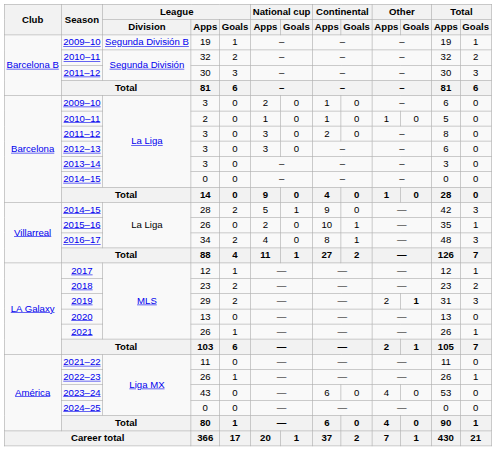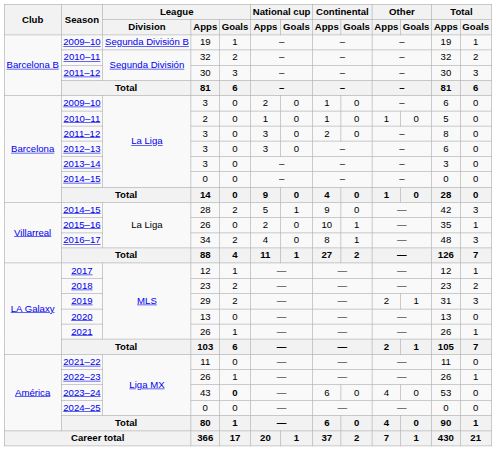 <table class="wikitable" style="text-align:center">
 <tr>
 <th rowspan="2">Club</th>
 <th rowspan="2">Season</th>
 <th colspan="3">League</th>
 <th colspan="2">National cup</th>
 <th colspan="2">Continental</th>
 <th colspan="2">Other</th>
 <th colspan="2">Total</th>
 </tr>
 <tr>
 <th>Division</th>
 <th>Apps</th>
 <th>Goals</th>
 <th>Apps</th>
 <th>Goals</th>
 <th>Apps</th>
 <th>Goals</th>
 <th>Apps</th>
 <th>Goals</th>
 <th>Apps</th>
 <th>Goals</th>
 </tr>
 <tr>
 <td rowspan="4"><a href='#'>Barcelona B</a></td>
 <td><a href='#'>2009–10</a></td>
 <td><a href='#'>Segunda División B</a></td>
 <td>19</td>
 <td>1</td>
 <td colspan="2">–</td>
 <td colspan="2">–</td>
 <td colspan="2">–</td>
 <td>19</td>
 <td>1</td>
 </tr>
 <tr>
 <td><a href='#'>2010–11</a></td>
 <td rowspan="2"><a href='#'>Segunda División</a></td>
 <td>32</td>
 <td>2</td>
 <td colspan="2">–</td>
 <td colspan="2">–</td>
 <td colspan="2">–</td>
 <td>32</td>
 <td>2</td>
 </tr>
 <tr>
 <td><a href='#'>2011–12</a></td>
 <td>30</td>
 <td>3</td>
 <td colspan="2">–</td>
 <td colspan="2">–</td>
 <td colspan="2">–</td>
 <td>30</td>
 <td>3</td>
 </tr>
 <tr>
 <th colspan="2">Total</th>
 <th>81</th>
 <th>6</th>
 <th colspan="2">–</th>
 <th colspan="2">–</th>
 <th colspan="2">–</th>
 <th>81</th>
 <th>6</th>
 </tr>
 <tr>
 <td rowspan="7"><a href='#'>Barcelona</a></td>
 <td><a href='#'>2009–10</a></td>
 <td rowspan="6"><a href='#'>La Liga</a></td>
 <td>3</td>
 <td>0</td>
 <td>2</td>
 <td>0</td>
 <td>1</td>
 <td>0</td>
 <td colspan="2">–</td>
 <td>6</td>
 <td>0</td>
 </tr>
 <tr>
 <td><a href='#'>2010–11</a></td>
 <td>2</td>
 <td>0</td>
 <td>1</td>
 <td>0</td>
 <td>1</td>
 <td>0</td>
 <td>1</td>
 <td>0</td>
 <td>5</td>
 <td>0</td>
 </tr>
 <tr>
 <td><a href='#'>2011–12</a></td>
 <td>3</td>
 <td>0</td>
 <td>3</td>
 <td>0</td>
 <td>2</td>
 <td>0</td>
 <td colspan="2">–</td>
 <td>8</td>
 <td>0</td>
 </tr>
 <tr>
 <td><a href='#'>2012–13</a></td>
 <td>3</td>
 <td>0</td>
 <td>3</td>
 <td>0</td>
 <td colspan="2">–</td>
 <td colspan="2">–</td>
 <td>6</td>
 <td>0</td>
 </tr>
 <tr>
 <td><a href='#'>2013–14</a></td>
 <td>3</td>
 <td>0</td>
 <td colspan="2">–</td>
 <td colspan="2">–</td>
 <td colspan="2">–</td>
 <td>3</td>
 <td>0</td>
 </tr>
 <tr>
 <td><a href='#'>2014–15</a></td>
 <td>0</td>
 <td>0</td>
 <td colspan="2">–</td>
 <td colspan="2">–</td>
 <td colspan="2">–</td>
 <td>0</td>
 <td>0</td>
 </tr>
 <tr>
 <th colspan="2">Total</th>
 <th>14</th>
 <th>0</th>
 <th>9</th>
 <th>0</th>
 <th>4</th>
 <th>0</th>
 <th>1</th>
 <th>0</th>
 <th>28</th>
 <th>0</th>
 </tr>
 <tr>
 <td rowspan="4"><a href='#'>Villarreal</a></td>
 <td><a href='#'>2014–15</a></td>
 <td rowspan="3">La Liga</td>
 <td>28</td>
 <td>2</td>
 <td>5</td>
 <td>1</td>
 <td>9</td>
 <td>0</td>
 <td colspan="2">—</td>
 <td>42</td>
 <td>3</td>
 </tr>
 <tr>
 <td><a href='#'>2015–16</a></td>
 <td>26</td>
 <td>0</td>
 <td>2</td>
 <td>0</td>
 <td>10</td>
 <td>1</td>
 <td colspan="2">—</td>
 <td>35</td>
 <td>1</td>
 </tr>
 <tr>
 <td><a href='#'>2016–17</a></td>
 <td>34</td>
 <td>2</td>
 <td>4</td>
 <td>0</td>
 <td>8</td>
 <td>1</td>
 <td colspan="2">—</td>
 <td>48</td>
 <td>3</td>
 </tr>
 <tr>
 <th colspan="2">Total</th>
 <th>88</th>
 <th>4</th>
 <th>11</th>
 <th>1</th>
 <th>27</th>
 <th>2</th>
 <th colspan="2">—</th>
 <th>126</th>
 <th>7</th>
 </tr>
 <tr>
 <td rowspan="6"><a href='#'>LA Galaxy</a></td>
 <td><a href='#'>2017</a></td>
 <td rowspan="5"><a href='#'>MLS</a></td>
 <td>12</td>
 <td>1</td>
 <td colspan="2">—</td>
 <td colspan="2">—</td>
 <td colspan="2">—</td>
 <td>12</td>
 <td>1</td>
 </tr>
 <tr>
 <td><a href='#'>2018</a></td>
 <td>23</td>
 <td>2</td>
 <td colspan="2">—</td>
 <td colspan="2">—</td>
 <td colspan="2">—</td>
 <td>23</td>
 <td>2</td>
 </tr>
 <tr>
 <td><a href='#'>2019</a></td>
 <td>29</td>
 <td>2</td>
 <td colspan="2">—</td>
 <td colspan="2">—</td>
 <td>2</td>
-<td><strong>1</strong></td>
+<td>1</td>
 <td>31</td>
 <td>3</td>
 </tr>
 <tr>
 <td><a href='#'>2020</a></td>
 <td>13</td>
 <td>0</td>
 <td colspan="2">—</td>
 <td colspan="2">—</td>
 <td colspan="2">—</td>
 <td>13</td>
 <td>0</td>
 </tr>
 <tr>
 <td><a href='#'>2021</a></td>
 <td>26</td>
 <td>1</td>
 <td colspan="2">—</td>
 <td colspan="2">—</td>
 <td colspan="2">—</td>
 <td>26</td>
 <td>1</td>
 </tr>
 <tr>
 <th colspan="2">Total</th>
 <th>103</th>
 <th>6</th>
 <th colspan="2">—</th>
 <th colspan="2">—</th>
 <th>2</th>
 <th>1</th>
 <th>105</th>
 <th>7</th>
 </tr>
 <tr>
 <td rowspan="5"><a href='#'>América</a></td>
 <td><a href='#'>2021–22</a></td>
 <td rowspan="4"><a href='#'>Liga MX</a></td>
 <td>11</td>
 <td>0</td>
 <td colspan="2">—</td>
 <td colspan="2">—</td>
 <td colspan="2">—</td>
 <td>11</td>
 <td>0</td>
 </tr>
 <tr>
 <td><a href='#'>2022–23</a></td>
 <td>26</td>
 <td>1</td>
 <td colspan="2">—</td>
 <td colspan="2">—</td>
 <td colspan="2">—</td>
 <td>26</td>
 <td>1</td>
 </tr>
 <tr>
 <td><a href='#'>2023–24</a></td>
 <td>43</td>
-<td>0</td>
+<td><strong>0</strong></td>
 <td colspan="2">—</td>
 <td>6</td>
 <td>0</td>
 <td>4</td>
 <td>0</td>
 <td>53</td>
 <td>0</td>
 </tr>
 <tr>
 <td><a href='#'>2024–25</a></td>
 <td>0</td>
 <td>0</td>
 <td colspan="2">—</td>
 <td colspan="2">—</td>
 <td colspan="2">—</td>
 <td>0</td>
 <td>0</td>
 </tr>
 <tr>
 <th colspan="2">Total</th>
 <th>80</th>
 <th>1</th>
 <th colspan="2">—</th>
 <th>6</th>
 <th>0</th>
 <th>4</th>
 <th>0</th>
 <th>90</th>
 <th>1</th>
 </tr>
 <tr>
 <th colspan="3">Career total</th>
 <th>366</th>
 <th>17</th>
 <th>20</th>
 <th>1</th>
 <th>37</th>
 <th>2</th>
 <th>7</th>
 <th>1</th>
 <th>430</th>
 <th>21</th>
 </tr>
 </table>
